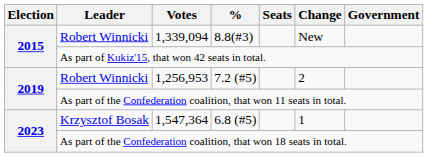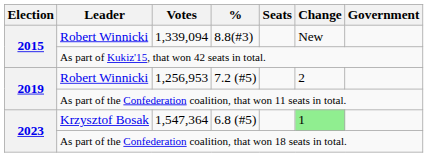 <table class=wikitable>
 <tr>
 <th>Election</th>
 <th>Leader</th>
 <th>Votes</th>
 <th>%</th>
 <th>Seats</th>
 <th>Change</th>
 <th>Government</th>
 </tr>
 <tr>
 <th rowspan=2><a href='#'>2015</a></th>
 <td><a href='#'>Robert Winnicki</a></td>
 <td>1,339,094</td>
 <td>8.8(#3)</td>
 <td></td>
 <td>New</td>
 <td></td>
 </tr>
 <tr>
 <td colspan="6"><small>As part of <a href='#'>Kukiz'15</a>, that won 42 seats in total.</small></td>
 </tr>
 <tr>
 <th rowspan="2"><a href='#'>2019</a></th>
 <td><a href='#'>Robert Winnicki</a></td>
 <td>1,256,953</td>
 <td>7.2 (#5)</td>
 <td></td>
 <td> 2</td>
 <td></td>
 </tr>
 <tr>
 <td colspan="6"><small>As part of the <a href='#'>Confederation</a> coalition, that won 11 seats in total.</small></td>
 </tr>
 <tr>
 <th rowspan="2"><a href='#'>2023</a></th>
 <td><a href='#'>Krzysztof Bosak</a></td>
 <td>1,547,364</td>
 <td>6.8 (#5)</td>
 <td></td>
-<td> 1</td>
+<td style="background: lightgreen;"> 1</td>
 <td></td>
 </tr>
 <tr>
 <td colspan="6"><small>As part of the <a href='#'>Confederation</a> coalition, that won 18 seats in total.</small></td>
 </tr>
 </table>
